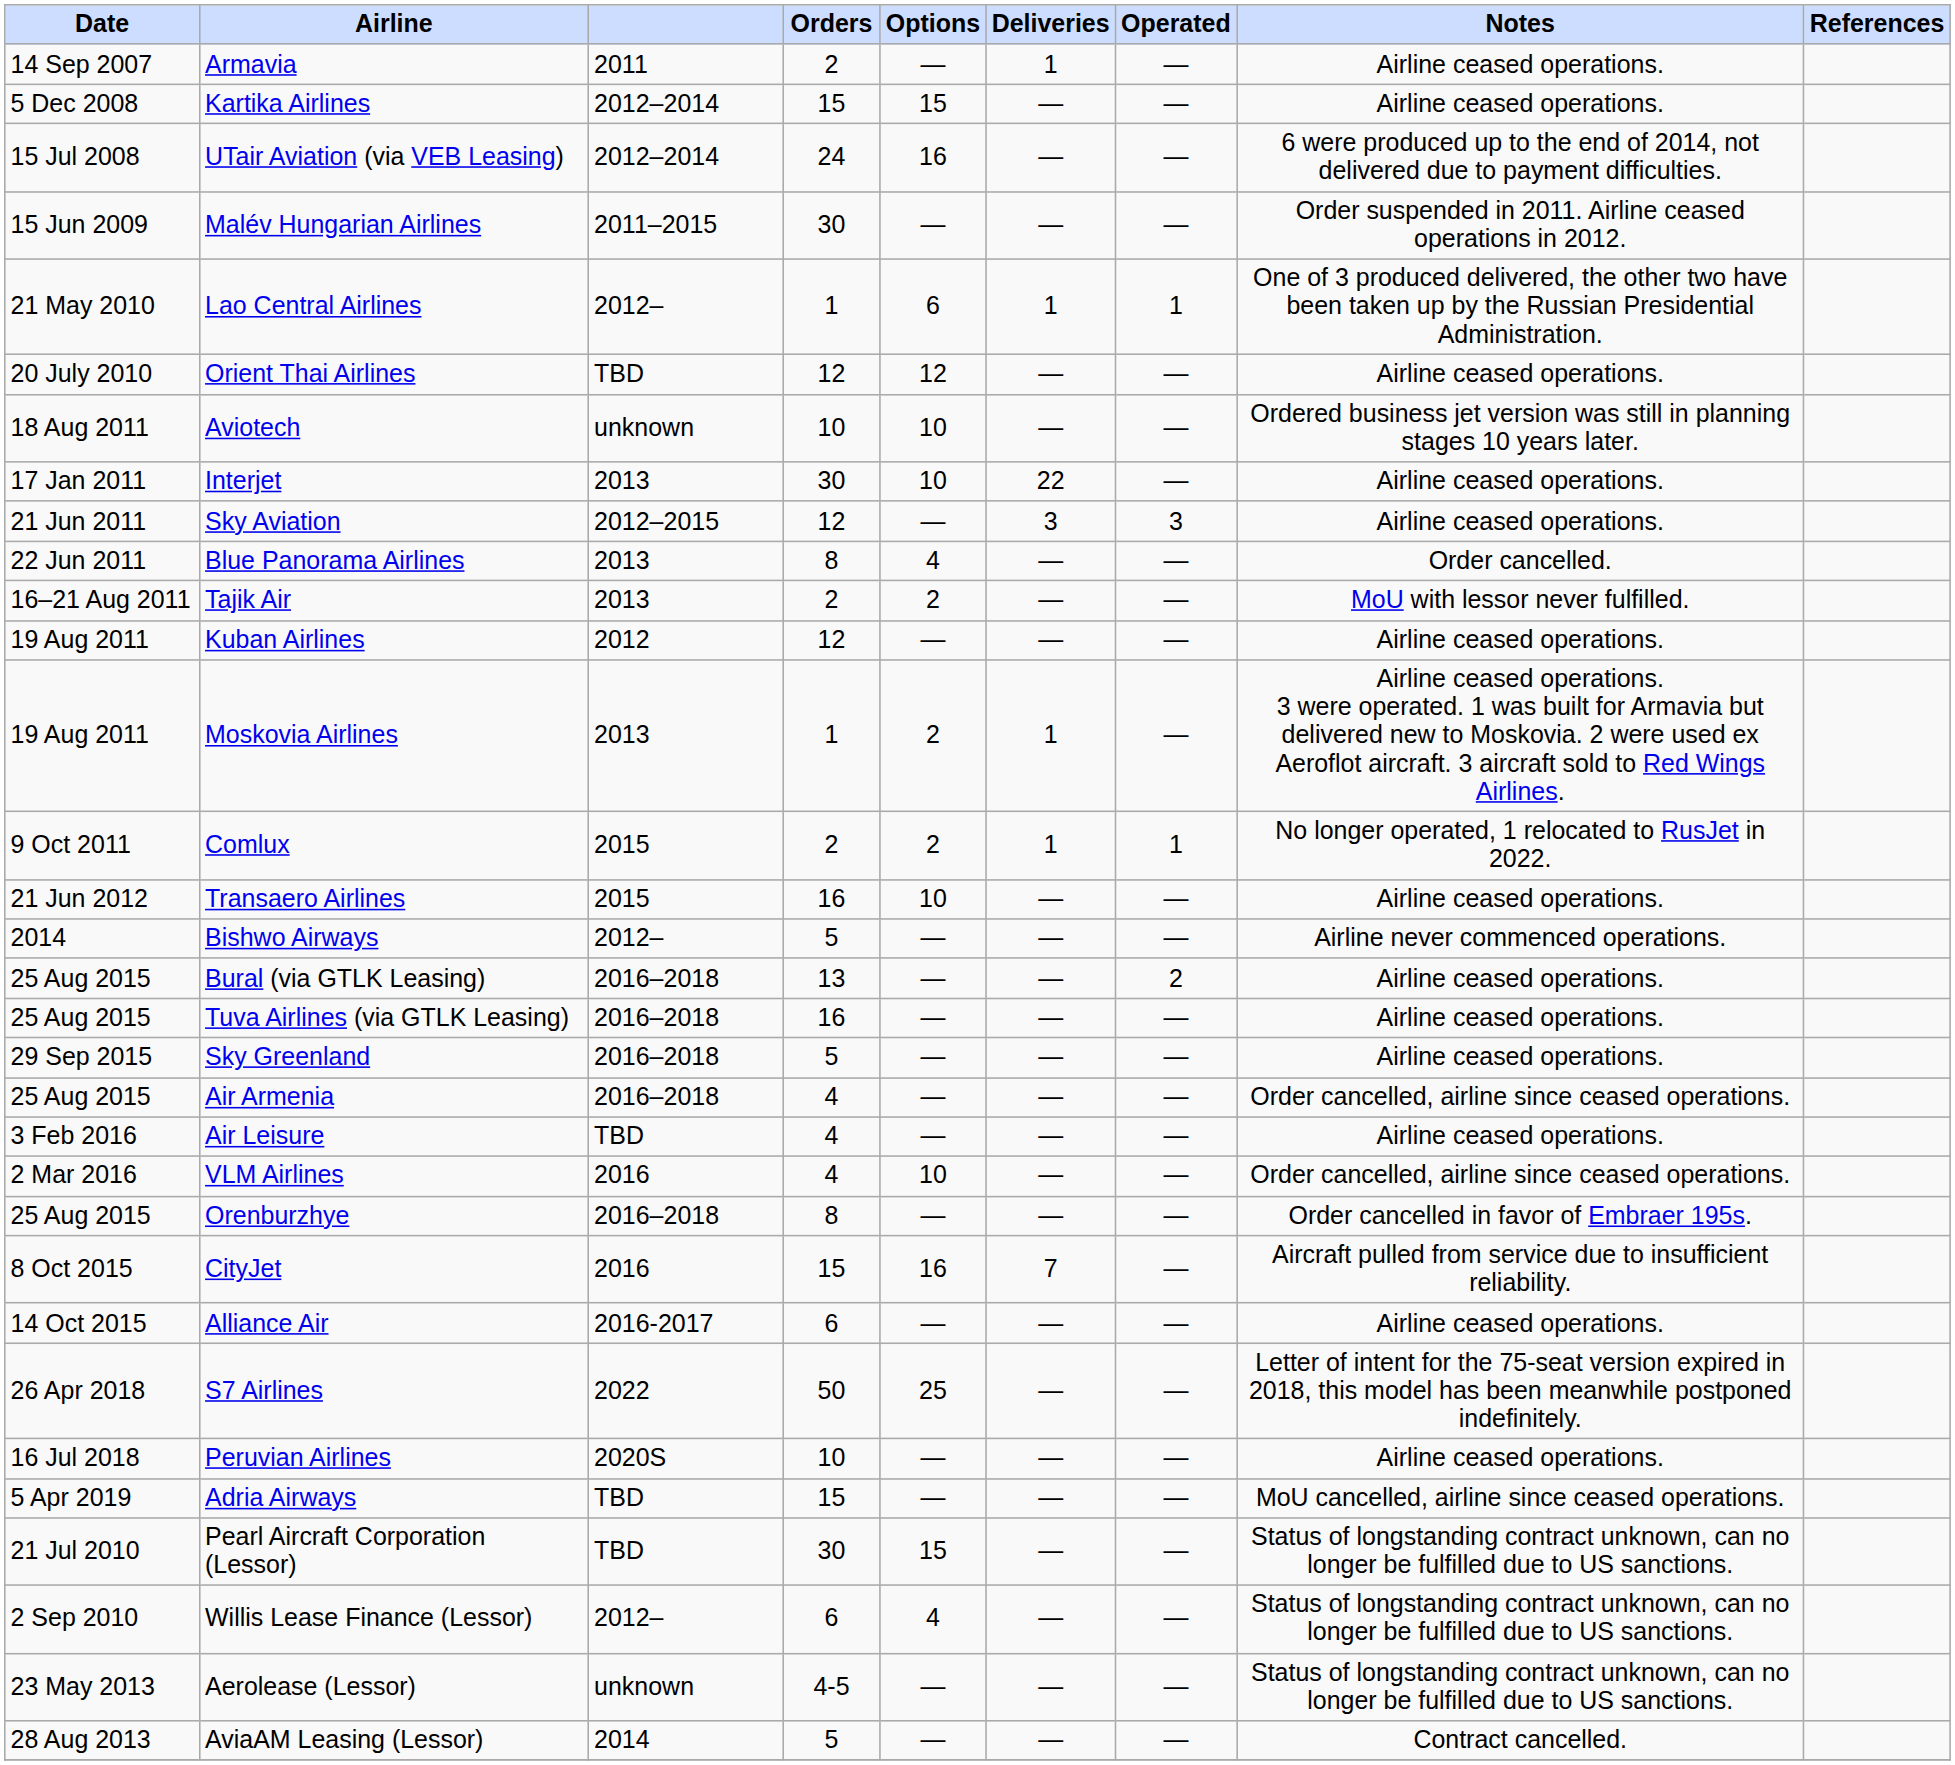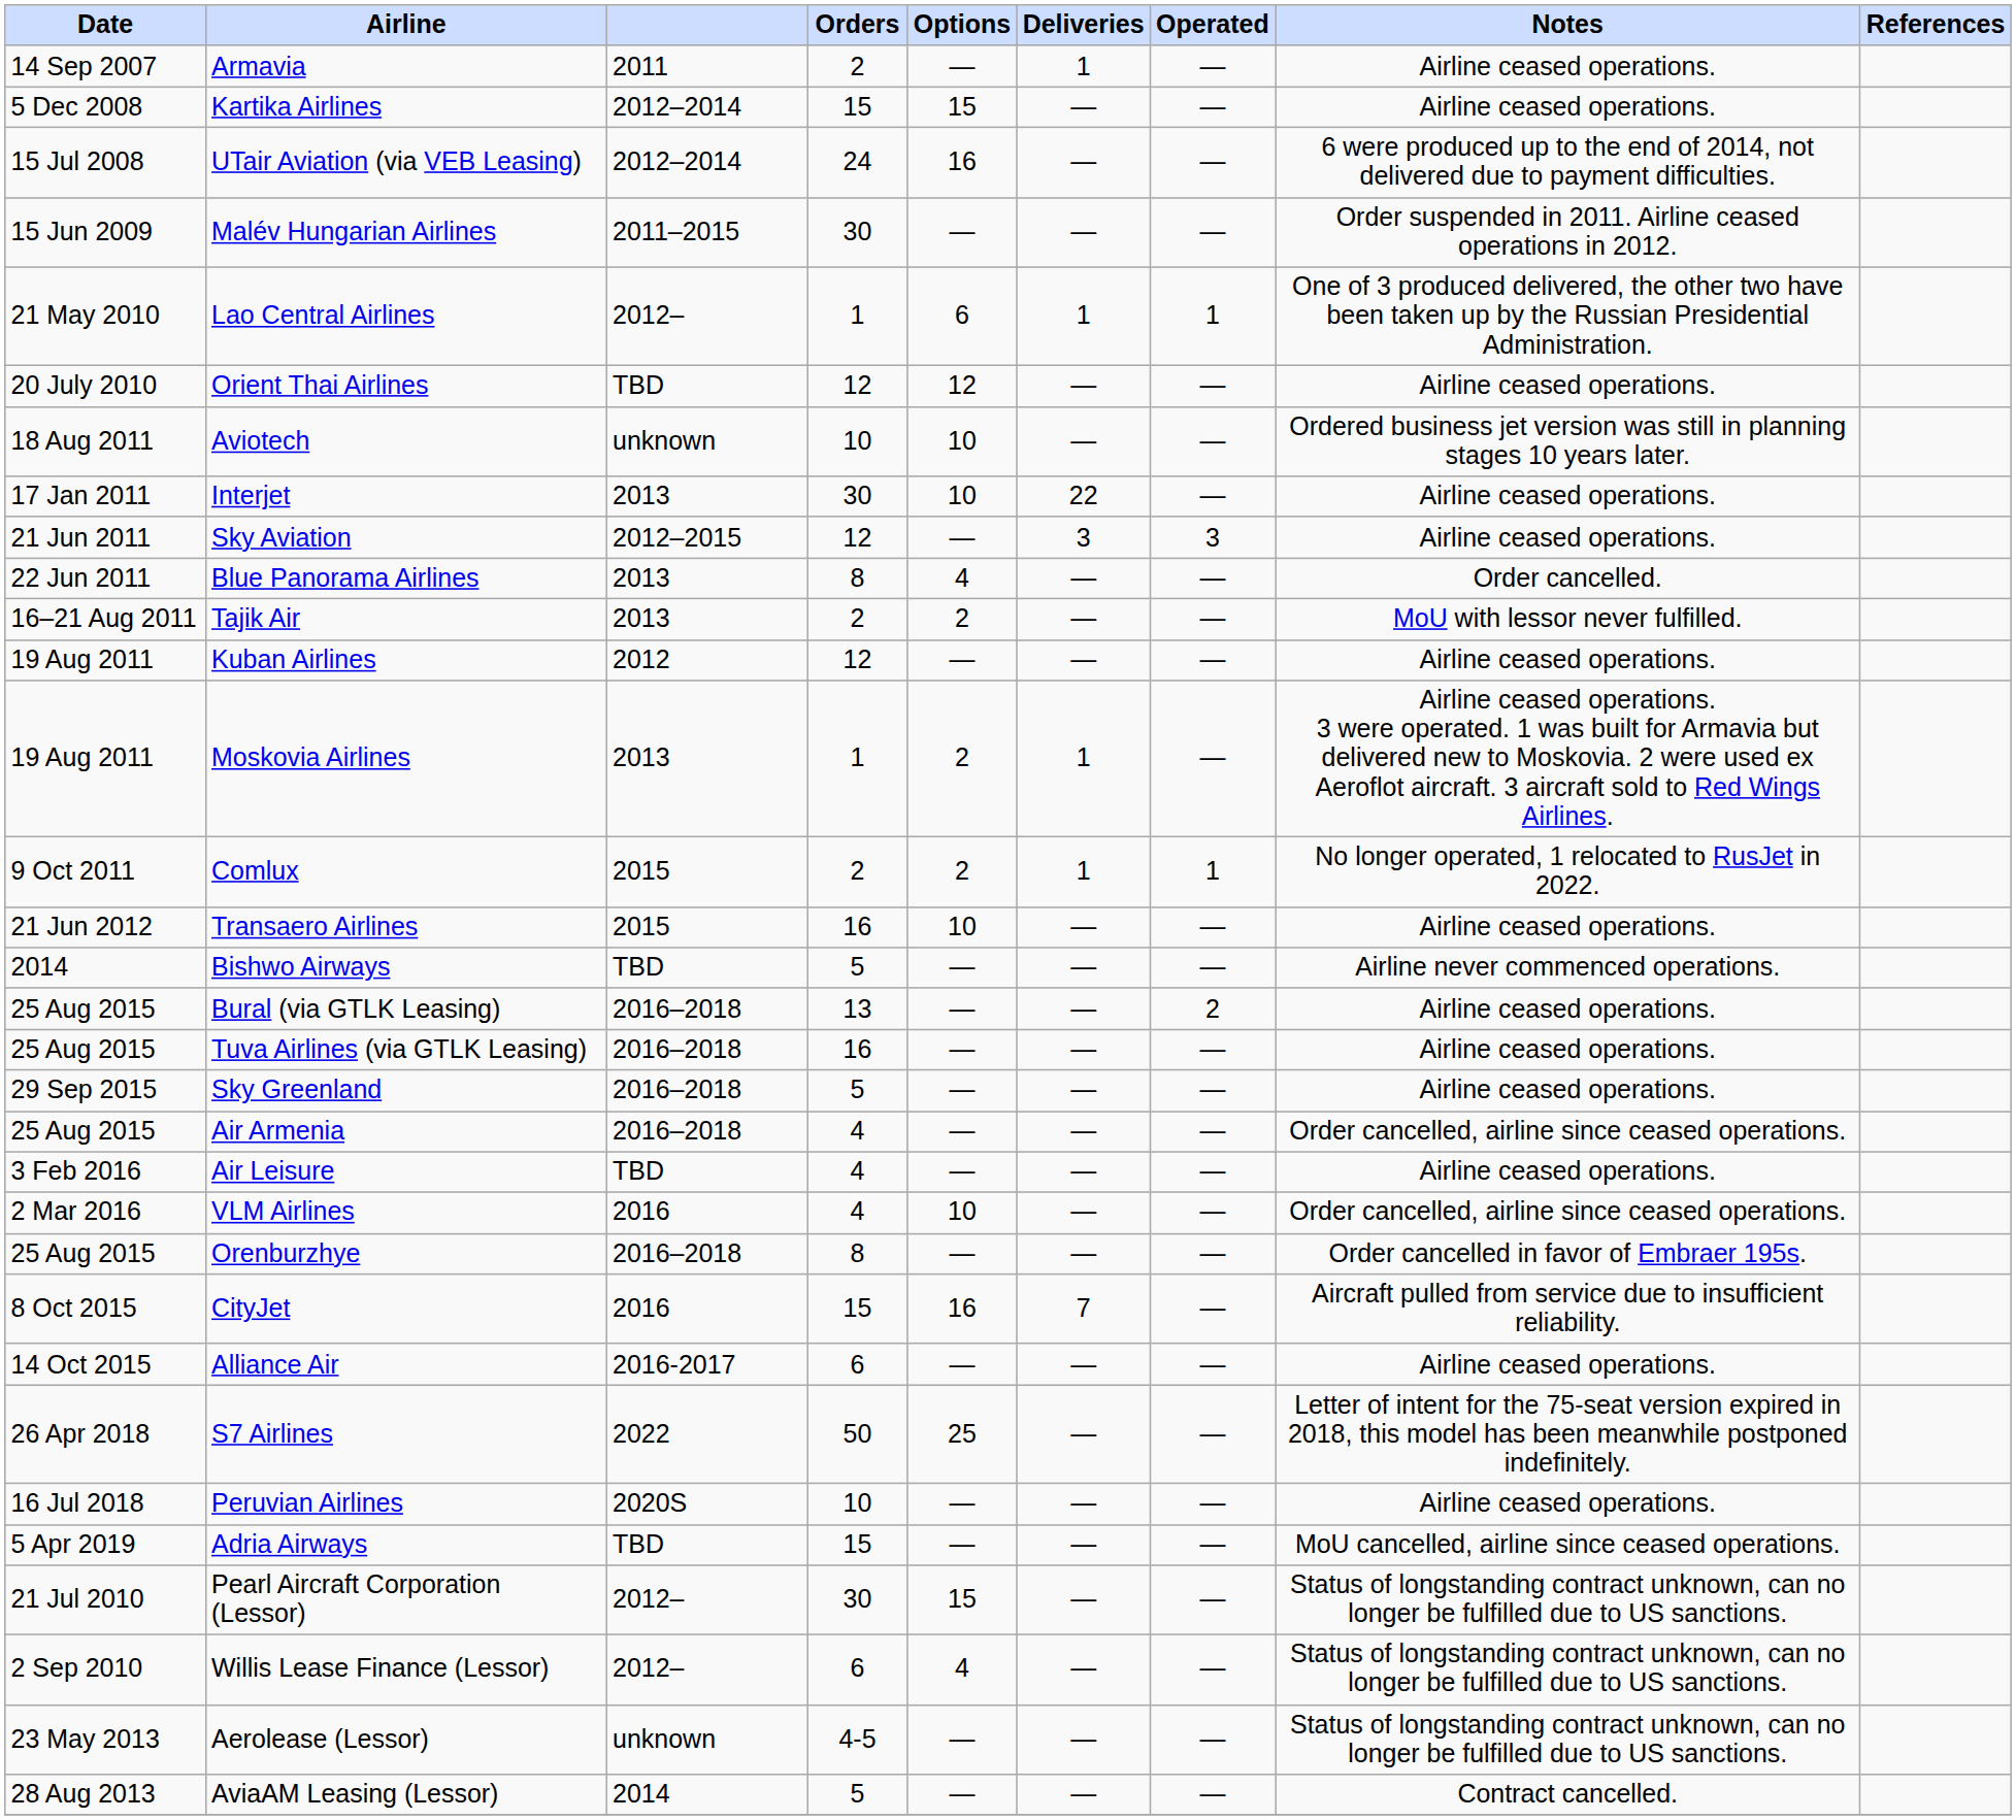 <table class="wikitable sortable" style="text-align:left;">
 <tr>
 <th style="width: 10%; background-color:#ccddff;" data-sort-type="date">Date</th>
 <th style="width: 20%; background-color:#ccddff;">Airline</th>
 <th style="width: 10%; background-color:#ccddff;"></th>
 <th style="width: 5%; background-color:#ccddff;" data-sort-type="number">Orders</th>
 <th style="width: 5%;background-color:#ccddff;" data-sort-type="number">Options</th>
 <th style="background-color:#ccddff;" data-sort-type="number">Deliveries</th>
 <th style="background-color:#ccddff;" data-sort-type="number">Operated</th>
 <th style="background-color:#ccddff;" class="unsortable">Notes</th>
 <th style="background-color:#ccddff;" class="unsortable">References</th>
 </tr>
 <tr>
 <td>14 Sep 2007</td>
 <td> <a href='#'>Armavia</a></td>
 <td>2011</td>
 <td Style="text-align: center;">2</td>
 <td Style="text-align: center;">—</td>
 <td Style="text-align: center;">1</td>
 <td Style="text-align: center;">—</td>
 <td Style="text-align: center;">Airline ceased operations.</td>
 <td></td>
 </tr>
 <tr>
 <td>5 Dec 2008</td>
 <td> <a href='#'>Kartika Airlines</a></td>
 <td>2012–2014</td>
 <td Style="text-align: center;">15</td>
 <td Style="text-align: center;">15</td>
 <td Style="text-align: center;">—</td>
 <td Style="text-align: center;">—</td>
 <td Style="text-align: center;">Airline ceased operations.</td>
 <td></td>
 </tr>
 <tr>
 <td>15 Jul 2008</td>
 <td> <a href='#'>UTair Aviation</a> (via <a href='#'>VEB Leasing</a>)</td>
 <td>2012–2014</td>
 <td Style="text-align: center;">24</td>
 <td Style="text-align: center;">16</td>
 <td Style="text-align: center;">—</td>
 <td Style="text-align: center;">—</td>
 <td Style="text-align: center;">6 were produced up to the end of 2014, not delivered due to payment difficulties.</td>
 <td></td>
 </tr>
 <tr>
 <td>15 Jun 2009</td>
 <td> <a href='#'>Malév Hungarian Airlines</a></td>
 <td>2011–2015</td>
 <td Style="text-align: center;">30</td>
 <td Style="text-align: center;">—</td>
 <td Style="text-align: center;">—</td>
 <td Style="text-align: center;">—</td>
 <td Style="text-align: center;">Order suspended in 2011. Airline ceased operations in 2012.</td>
 <td></td>
 </tr>
 <tr>
 <td>21 May 2010</td>
 <td> <a href='#'>Lao Central Airlines</a></td>
 <td>2012–</td>
 <td Style="text-align: center;">1</td>
 <td Style="text-align: center;">6</td>
 <td Style="text-align: center;">1</td>
 <td Style="text-align: center;">1</td>
 <td Style="text-align: center;">One of 3 produced delivered, the other two have been taken up by the Russian Presidential Administration.</td>
 <td></td>
 </tr>
 <tr>
 <td>20 July 2010</td>
 <td> <a href='#'>Orient Thai Airlines</a></td>
 <td>TBD</td>
 <td Style="text-align: center;">12</td>
 <td Style="text-align: center;">12</td>
 <td Style="text-align: center;">—</td>
 <td Style="text-align: center;">—</td>
 <td Style="text-align: center;">Airline ceased operations.</td>
 <td></td>
 </tr>
 <tr>
 <td>18 Aug 2011</td>
 <td Align="left"> <a href='#'>Aviotech</a></td>
 <td>unknown</td>
 <td Style="text-align: center;">10</td>
 <td Style="text-align: center;">10</td>
 <td Style="text-align: center;">—</td>
 <td Style="text-align: center;">—</td>
 <td Style="text-align: center;">Ordered business jet version was still in planning stages 10 years later.</td>
 <td></td>
 </tr>
 <tr>
 <td>17 Jan 2011</td>
 <td> <a href='#'>Interjet</a></td>
 <td>2013</td>
 <td Style="text-align: center;">30</td>
 <td Style="text-align: center;">10</td>
 <td Style="text-align: center;">22</td>
 <td Style="text-align: center;">—</td>
 <td Style="text-align: center;">Airline ceased operations.</td>
 <td></td>
 </tr>
 <tr>
 <td>21 Jun 2011</td>
 <td> <a href='#'>Sky Aviation</a></td>
 <td>2012–2015</td>
 <td Style="text-align: center;">12</td>
 <td Style="text-align: center;">—</td>
 <td Style="text-align: center;">3</td>
 <td Style="text-align: center;">3</td>
 <td Style="text-align: center;">Airline ceased operations.</td>
 <td></td>
 </tr>
 <tr>
 <td>22 Jun 2011</td>
 <td> <a href='#'>Blue Panorama Airlines</a></td>
 <td>2013</td>
 <td Style="text-align: center;">8</td>
 <td Style="text-align: center;">4</td>
 <td Style="text-align: center;">—</td>
 <td Style="text-align: center;">—</td>
 <td Style="text-align: center;">Order cancelled.</td>
 <td></td>
 </tr>
 <tr>
 <td>16–21 Aug 2011</td>
 <td Align="left"> <a href='#'>Tajik Air</a></td>
 <td>2013</td>
 <td Style="text-align: center;">2</td>
 <td Style="text-align: center;">2</td>
 <td Style="text-align: center;">—</td>
 <td Style="text-align: center;">—</td>
 <td Style="text-align: center;"><a href='#'>MoU</a> with lessor never fulfilled.</td>
 <td></td>
 </tr>
 <tr>
 <td>19 Aug 2011</td>
 <td> <a href='#'>Kuban Airlines</a></td>
 <td>2012</td>
 <td Style="text-align: center;">12</td>
 <td Style="text-align: center;">—</td>
 <td Style="text-align: center;">—</td>
 <td Style="text-align: center;">—</td>
 <td Style="text-align: center;">Airline ceased operations.</td>
 <td></td>
 </tr>
 <tr>
 <td>19 Aug 2011</td>
 <td> <a href='#'>Moskovia Airlines</a></td>
 <td>2013</td>
 <td Style="text-align: center;">1</td>
 <td Style="text-align: center;">2</td>
 <td Style="text-align: center;">1</td>
 <td Style="text-align: center;">—</td>
 <td Style="text-align: center;">Airline ceased operations. <br>3 were operated. 1 was built for Armavia but delivered new to Moskovia. 2 were used ex Aeroflot aircraft. 3 aircraft sold to <a href='#'>Red Wings Airlines</a>.</td>
 <td></td>
 </tr>
 <tr>
 <td>9 Oct 2011</td>
 <td Align="left"> <a href='#'>Comlux</a></td>
 <td>2015</td>
 <td Style="text-align: center;">2</td>
 <td Style="text-align: center;">2</td>
 <td Style="text-align: center;">1</td>
 <td Style="text-align: center;">1</td>
 <td Style="text-align: center;">No longer operated, 1 relocated to <a href='#'>RusJet</a> in 2022.</td>
 <td></td>
 </tr>
 <tr>
 <td>21 Jun 2012</td>
 <td> <a href='#'>Transaero Airlines</a></td>
 <td>2015</td>
 <td Style="text-align: center;">16</td>
 <td Style="text-align: center;">10</td>
 <td Style="text-align: center;">—</td>
 <td Style="text-align: center;">—</td>
 <td Style="text-align: center;">Airline ceased operations.</td>
 <td></td>
 </tr>
 <tr>
 <td>2014</td>
 <td Align="left"> <a href='#'>Bishwo Airways</a></td>
-<td>2012–</td>
+<td>TBD</td>
 <td Style="text-align: center;">5</td>
 <td Style="text-align: center;">—</td>
 <td Style="text-align: center;">—</td>
 <td Style="text-align: center;">—</td>
 <td Style="text-align: center;">Airline never commenced operations.</td>
 <td></td>
 </tr>
 <tr>
 <td>25 Aug 2015</td>
 <td> <a href='#'>Bural</a> (via GTLK Leasing)</td>
 <td>2016–2018</td>
 <td Style="text-align: center;">13</td>
 <td Style="text-align: center;">—</td>
 <td Style="text-align: center;">—</td>
 <td Style="text-align: center;">2</td>
 <td Style="text-align: center;">Airline ceased operations.</td>
 <td></td>
 </tr>
 <tr>
 <td>25 Aug 2015</td>
 <td> <a href='#'>Tuva Airlines</a> (via GTLK Leasing)</td>
 <td>2016–2018</td>
 <td Style="text-align: center;">16</td>
 <td Style="text-align: center;">—</td>
 <td Style="text-align: center;">—</td>
 <td Style="text-align: center;">—</td>
 <td Style="text-align: center;">Airline ceased operations.</td>
 <td></td>
 </tr>
 <tr>
 <td>29 Sep 2015</td>
 <td> <a href='#'>Sky Greenland</a></td>
 <td>2016–2018</td>
 <td Style="text-align: center;">5</td>
 <td Style="text-align: center;">—</td>
 <td Style="text-align: center;">—</td>
 <td Style="text-align: center;">—</td>
 <td Style="text-align: center;">Airline ceased operations.</td>
 <td></td>
 </tr>
 <tr>
 <td>25 Aug 2015</td>
 <td> <a href='#'>Air Armenia</a></td>
 <td>2016–2018</td>
 <td Style="text-align: center;">4</td>
 <td Style="text-align: center;">—</td>
 <td Style="text-align: center;">—</td>
 <td Style="text-align: center;">—</td>
 <td Style="text-align: center;">Order cancelled, airline since ceased operations.</td>
 <td></td>
 </tr>
 <tr>
 <td>3 Feb 2016</td>
 <td Align="left"> <a href='#'>Air Leisure</a></td>
 <td>TBD</td>
 <td Style="text-align: center;">4</td>
 <td Style="text-align: center;">—</td>
 <td Style="text-align: center;">—</td>
 <td Style="text-align: center;">—</td>
 <td Style="text-align: center;">Airline ceased operations.</td>
 <td></td>
 </tr>
 <tr>
 <td>2 Mar 2016</td>
 <td> <a href='#'>VLM Airlines</a></td>
 <td>2016</td>
 <td Style="text-align: center;">4</td>
 <td Style="text-align: center;">10</td>
 <td Style="text-align: center;">—</td>
 <td Style="text-align: center;">—</td>
 <td Style="text-align: center;">Order cancelled, airline since ceased operations.</td>
 <td></td>
 </tr>
 <tr>
 <td>25 Aug 2015</td>
 <td> <a href='#'>Orenburzhye</a></td>
 <td>2016–2018</td>
 <td Style="text-align: center;">8</td>
 <td Style="text-align: center;">—</td>
 <td Style="text-align: center;">—</td>
 <td Style="text-align: center;">—</td>
 <td Style="text-align: center;">Order cancelled in favor of <a href='#'>Embraer 195s</a>.</td>
 <td></td>
 </tr>
 <tr>
 <td>8 Oct 2015</td>
 <td> <a href='#'>CityJet</a></td>
 <td>2016</td>
 <td Style="text-align: center;">15</td>
 <td Style="text-align: center;">16</td>
 <td Style="text-align: center;">7</td>
 <td Style="text-align: center;">—</td>
 <td Style="text-align: center;">Aircraft pulled from service due to insufficient reliability.</td>
 <td></td>
 </tr>
 <tr>
 <td>14 Oct 2015</td>
 <td> <a href='#'>Alliance Air</a></td>
 <td>2016-2017</td>
 <td Style="text-align: center;">6</td>
 <td Style="text-align: center;">—</td>
 <td Style="text-align: center;">—</td>
 <td Style="text-align: center;">—</td>
 <td Style="text-align: center;">Airline ceased operations.</td>
 <td></td>
 </tr>
 <tr>
 <td>26 Apr 2018</td>
 <td Align="left"> <a href='#'>S7 Airlines</a></td>
 <td>2022</td>
 <td Style="text-align: center;">50</td>
 <td Style="text-align: center;">25</td>
 <td Style="text-align: center;">—</td>
 <td Style="text-align: center;">—</td>
 <td Style="text-align: center;">Letter of intent for the 75-seat version expired in 2018, this model has been meanwhile postponed indefinitely.</td>
 <td></td>
 </tr>
 <tr>
 <td>16 Jul 2018</td>
 <td Align="left"> <a href='#'>Peruvian Airlines</a></td>
 <td>2020S</td>
 <td Style="text-align: center;">10</td>
 <td Style="text-align: center;">—</td>
 <td Style="text-align: center;">—</td>
 <td Style="text-align: center;">—</td>
 <td Style="text-align: center;">Airline ceased operations.</td>
 <td></td>
 </tr>
 <tr>
 <td>5 Apr 2019</td>
 <td> <a href='#'>Adria Airways</a></td>
 <td>TBD</td>
 <td Style="text-align: center;">15</td>
 <td Style="text-align: center;">—</td>
 <td Style="text-align: center;">—</td>
 <td Style="text-align: center;">—</td>
 <td Style="text-align: center;">MoU cancelled, airline since ceased operations.</td>
 <td></td>
 </tr>
 <tr>
 <td>21 Jul 2010</td>
 <td Align="left"> Pearl Aircraft Corporation (Lessor)</td>
-<td>TBD</td>
+<td>2012–</td>
 <td Style="text-align: center;">30</td>
 <td Style="text-align: center;">15</td>
 <td Style="text-align: center;">—</td>
 <td Style="text-align: center;">—</td>
 <td Style="text-align: center;">Status of longstanding contract unknown, can no longer be fulfilled due to US sanctions.</td>
 <td></td>
 </tr>
 <tr>
 <td>2 Sep 2010</td>
 <td Align="left"> Willis Lease Finance (Lessor)</td>
 <td>2012–</td>
 <td Style="text-align: center;">6</td>
 <td Style="text-align: center;">4</td>
 <td Style="text-align: center;">—</td>
 <td Style="text-align: center;">—</td>
 <td Style="text-align: center;">Status of longstanding contract unknown, can no longer be fulfilled due to US sanctions.</td>
 <td></td>
 </tr>
 <tr>
 <td>23 May 2013</td>
 <td Align="left"> Aerolease (Lessor)</td>
 <td>unknown</td>
 <td Style="text-align: center;">4-5</td>
 <td Style="text-align: center;">—</td>
 <td Style="text-align: center;">—</td>
 <td Style="text-align: center;">—</td>
 <td Style="text-align: center;">Status of longstanding contract unknown, can no longer be fulfilled due to US sanctions.</td>
 <td></td>
 </tr>
 <tr>
 <td>28 Aug 2013</td>
 <td Align="left"> AviaAM Leasing (Lessor)</td>
 <td>2014</td>
 <td Style="text-align: center;">5</td>
 <td Style="text-align: center;">—</td>
 <td Style="text-align: center;">—</td>
 <td Style="text-align: center;">—</td>
 <td Style="text-align: center;">Contract cancelled.</td>
 <td></td>
 </tr>
 <tr>
 </tr>
 </table>
